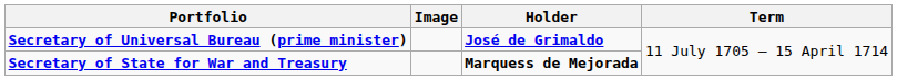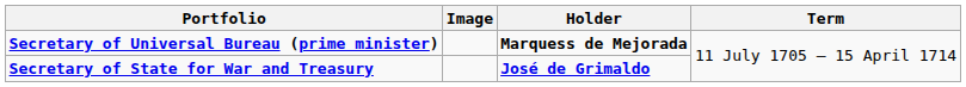 <table class="wikitable">
 <tr>
 <th>Portfolio</th>
 <th>Image</th>
 <th>Holder</th>
 <th>Term</th>
 </tr>
 <tr>
 <td><strong><a href='#'>Secretary of Universal Bureau</a> (<a href='#'>prime minister</a>)</strong></td>
 <td></td>
-<td><strong><a href='#'>José de Grimaldo</a></strong></td>
+<td><strong>Marquess de Mejorada</strong></td>
 <td rowspan="2">11 July 1705 – 15 April 1714</td>
 </tr>
 <tr>
 <td><strong><a href='#'>Secretary of State for War and Treasury</a></strong></td>
 <td></td>
-<td><strong>Marquess de Mejorada</strong></td>
+<td><strong><a href='#'>José de Grimaldo</a></strong></td>
 </tr>
 </table>
